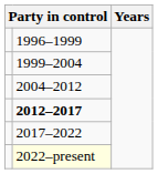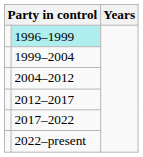 <table class="wikitable">
 <tr>
 <th colspan="2">Party in control</th>
 <th>Years</th>
 </tr>
 <tr>
 <td></td>
-<td>1996–1999</td>
+<td style="background: paleturquoise;">1996–1999</td>
 </tr>
 <tr>
 <td></td>
 <td>1999–2004</td>
 </tr>
 <tr>
 <td></td>
 <td>2004–2012</td>
 </tr>
 <tr>
 <td></td>
-<td><strong>2012–2017</strong></td>
+<td>2012–2017</td>
 </tr>
 <tr>
 <td></td>
 <td>2017–2022</td>
 </tr>
 <tr>
 <td></td>
-<td style="background: lightyellow;">2022–present</td>
+<td>2022–present</td>
 </tr>
 </table>
